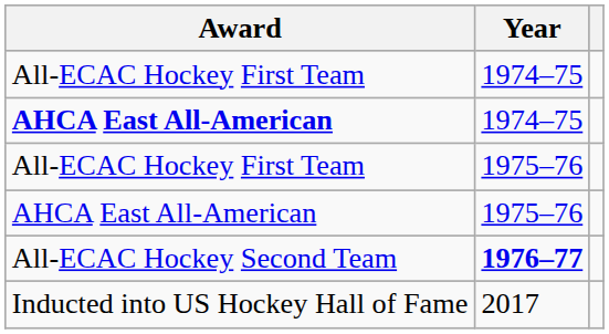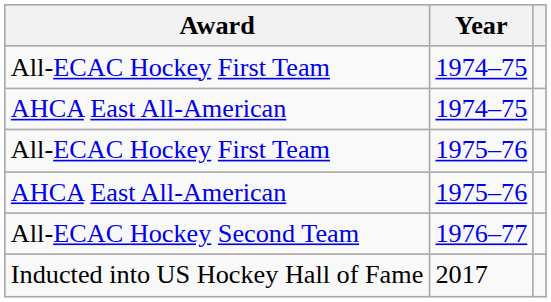 <table class="wikitable">
 <tr>
 <th>Award</th>
 <th>Year</th>
 <th></th>
 </tr>
 <tr>
 <td>All-<a href='#'>ECAC Hockey</a> <a href='#'>First Team</a></td>
 <td><a href='#'>1974–75</a></td>
 <td></td>
 </tr>
 <tr>
-<td><strong><a href='#'>AHCA</a> <a href='#'>East All-American</a></strong></td>
+<td><a href='#'>AHCA</a> <a href='#'>East All-American</a></td>
 <td><a href='#'>1974–75</a></td>
 <td></td>
 </tr>
 <tr>
 <td>All-<a href='#'>ECAC Hockey</a> <a href='#'>First Team</a></td>
 <td><a href='#'>1975–76</a></td>
 <td></td>
 </tr>
 <tr>
 <td><a href='#'>AHCA</a> <a href='#'>East All-American</a></td>
 <td><a href='#'>1975–76</a></td>
 <td></td>
 </tr>
 <tr>
 <td>All-<a href='#'>ECAC Hockey</a> <a href='#'>Second Team</a></td>
-<td><strong><a href='#'>1976–77</a></strong></td>
+<td><a href='#'>1976–77</a></td>
 <td></td>
 </tr>
 <tr>
 <td>Inducted into US Hockey Hall of Fame</td>
 <td>2017</td>
 </tr>
 </table>
